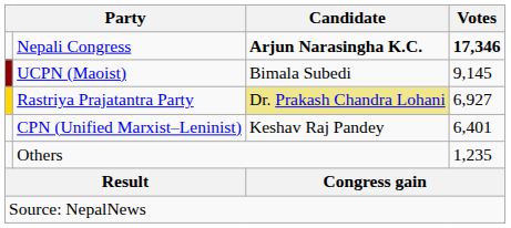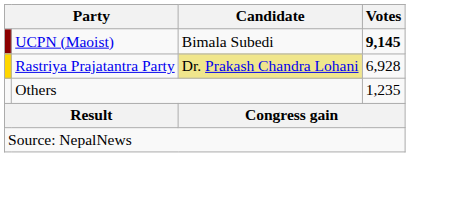 <table class="wikitable">
 <tr>
 <th colspan="2">Party</th>
 <th>Candidate</th>
 <th>Votes</th>
 </tr>
 <tr>
-<td style="background-color:"></td>
-<td><a href='#'>Nepali Congress</a></td>
-<td><strong>Arjun Narasingha K.C.</strong></td>
-<td><strong>17,346</strong></td>
-</tr>
-<tr>
 <td style="background-color:darkred"></td>
 <td><a href='#'>UCPN (Maoist)</a></td>
 <td>Bimala Subedi</td>
-<td>9,145</td>
+<td><strong>9,145</strong></td>
 </tr>
 <tr>
 <td style="background-color:gold"></td>
 <td><a href='#'>Rastriya Prajatantra Party</a></td>
 <td style="background: khaki;">Dr. <a href='#'>Prakash Chandra Lohani</a></td>
-<td>6,927</td>
-</tr>
-<tr>
-<td style="background-color:"></td>
-<td><a href='#'>CPN (Unified Marxist–Leninist)</a></td>
-<td>Keshav Raj Pandey</td>
-<td>6,401</td>
+<td>6,928</td>
 </tr>
 <tr>
 <td></td>
 <td colspan="2">Others</td>
 <td>1,235</td>
 </tr>
 <tr>
 <th colspan="2">Result</th>
 <th colspan="2">Congress gain</th>
 </tr>
 <tr>
 <td colspan="4">Source: NepalNews</td>
 </tr>
 </table>
